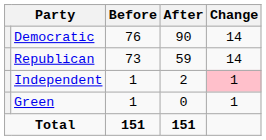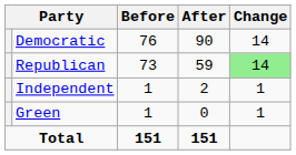 <table class="wikitable" style="text-align:center;">
 <tr>
 <th colspan="2">Party</th>
 <th>Before</th>
 <th>After</th>
 <th>Change</th>
 </tr>
 <tr>
 <th style="background-color:"></th>
 <td style="text-align:left;"><a href='#'>Democratic</a></td>
 <td>76</td>
 <td>90</td>
 <td> 14</td>
 </tr>
 <tr>
 <th style="background-color:"></th>
 <td style="text-align:left;"><a href='#'>Republican</a></td>
 <td>73</td>
 <td>59</td>
-<td> 14</td>
+<td style="background: lightgreen;"> 14</td>
 </tr>
 <tr>
 <th style="background-color:"></th>
 <td style="text-align:left;"><a href='#'>Independent</a></td>
 <td>1</td>
 <td>2</td>
-<td style="background: pink;"> 1</td>
+<td> 1</td>
 </tr>
 <tr>
 <th style="background-color:"></th>
 <td style="text-align:left;"><a href='#'>Green</a></td>
 <td>1</td>
 <td>0</td>
 <td> 1</td>
 </tr>
 <tr>
 <td colspan="2"><strong>Total</strong></td>
 <td><strong>151</strong></td>
 <td><strong>151</strong></td>
 <td></td>
 </tr>
 </table>
